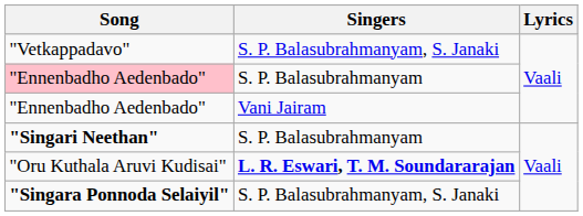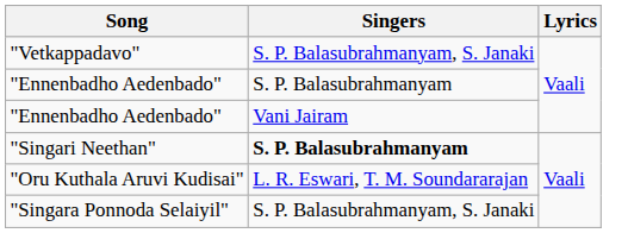 <table class="wikitable">
 <tr style="background:#cccccf; text-align:center;">
 <th>Song</th>
 <th>Singers</th>
 <th>Lyrics</th>
 </tr>
 <tr>
 <td>"Vetkappadavo"</td>
 <td><a href='#'>S. P. Balasubrahmanyam</a>, <a href='#'>S. Janaki</a></td>
 <td rowspan="3"><a href='#'>Vaali</a></td>
 </tr>
 <tr>
-<td style="background: pink;">"Ennenbadho Aedenbado"</td>
+<td>"Ennenbadho Aedenbado"</td>
 <td>S. P. Balasubrahmanyam</td>
 </tr>
 <tr>
 <td>"Ennenbadho Aedenbado"</td>
 <td><a href='#'>Vani Jairam</a></td>
 </tr>
 <tr>
-<td><strong>"Singari Neethan"</strong></td>
-<td>S. P. Balasubrahmanyam</td>
+<td>"Singari Neethan"</td>
+<td><strong>S. P. Balasubrahmanyam</strong></td>
 <td rowspan="3"><a href='#'>Vaali</a></td>
 </tr>
 <tr>
 <td>"Oru Kuthala Aruvi Kudisai"</td>
-<td><strong><a href='#'>L. R. Eswari</a>, <a href='#'>T. M. Soundararajan</a></strong></td>
+<td><a href='#'>L. R. Eswari</a>, <a href='#'>T. M. Soundararajan</a></td>
 </tr>
 <tr>
-<td><strong>"Singara Ponnoda Selaiyil"</strong></td>
+<td>"Singara Ponnoda Selaiyil"</td>
 <td>S. P. Balasubrahmanyam, S. Janaki</td>
 </tr>
 </table>
